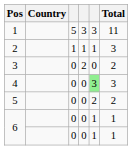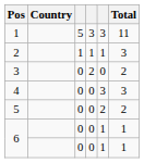 <table class=wikitable style="font-size:95%; text-align: center">
 <tr>
 <th>Pos</th>
 <th>Country</th>
 <th></th>
 <th></th>
 <th></th>
 <th>Total</th>
 </tr>
 <tr>
 <td>1</td>
 <td style=text-align:left></td>
 <td>5</td>
 <td>3</td>
 <td>3</td>
 <td>11</td>
 </tr>
 <tr>
 <td>2</td>
 <td style=text-align:left></td>
 <td>1</td>
 <td>1</td>
 <td>1</td>
 <td>3</td>
 </tr>
 <tr>
 <td>3</td>
 <td style=text-align:left></td>
 <td>0</td>
 <td>2</td>
 <td>0</td>
 <td>2</td>
 </tr>
 <tr>
 <td>4</td>
 <td style=text-align:left></td>
 <td>0</td>
 <td>0</td>
-<td style="background: lightgreen;">3</td>
+<td>3</td>
 <td>3</td>
 </tr>
 <tr>
 <td>5</td>
 <td style=text-align:left></td>
 <td>0</td>
 <td>0</td>
 <td>2</td>
 <td>2</td>
 </tr>
 <tr>
 <td rowspan=2>6</td>
 <td style=text-align:left></td>
 <td>0</td>
 <td>0</td>
 <td>1</td>
 <td>1</td>
 </tr>
 <tr>
 <td style=text-align:left></td>
 <td>0</td>
 <td>0</td>
 <td>1</td>
 <td>1</td>
 </tr>
 </table>
